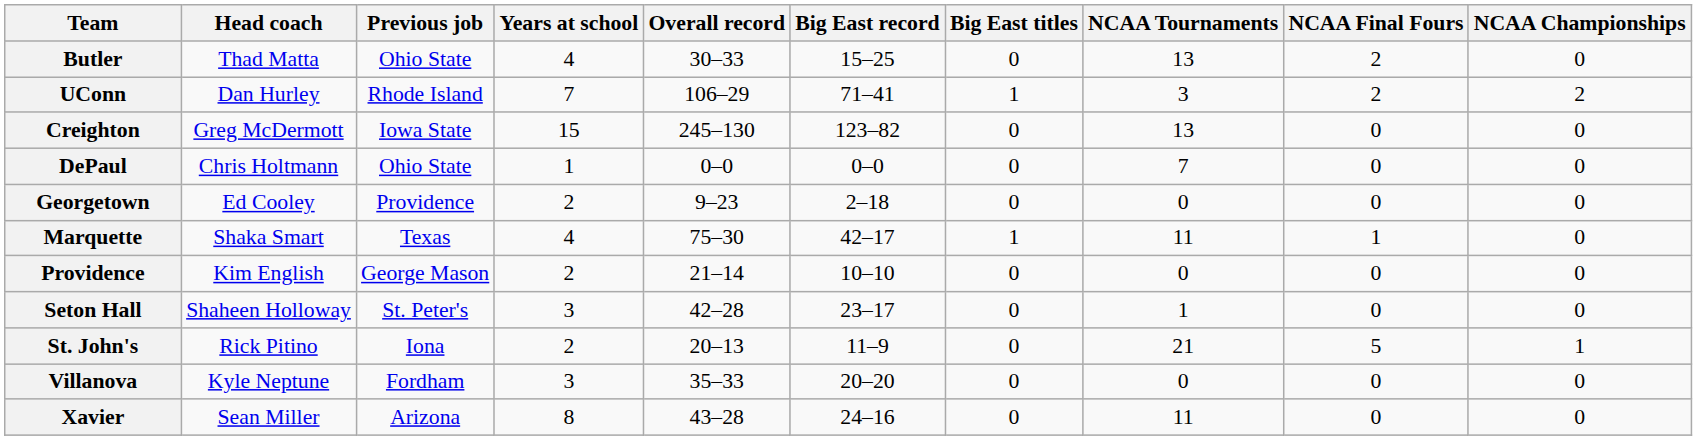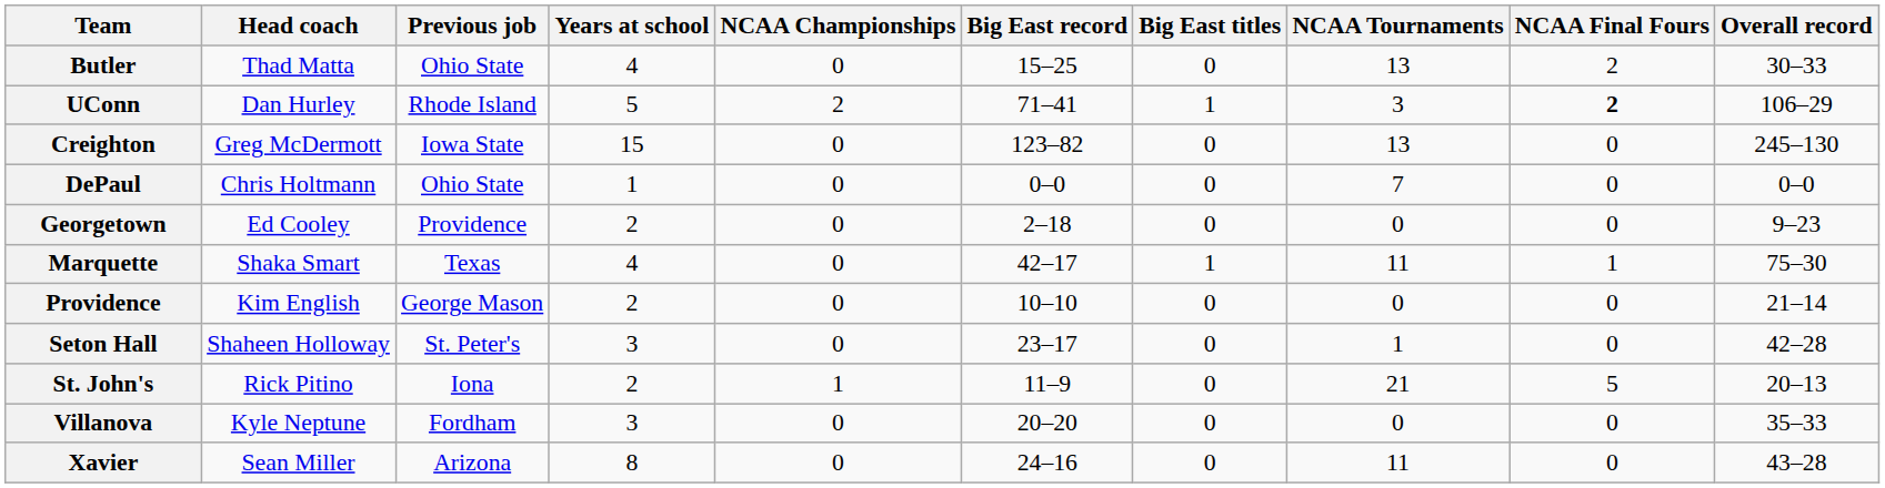 <table class="wikitable sortable" style="text-align: center;font-size:90%;">
 <tr>
 <th width="110">Team</th>
 <th>Head coach</th>
 <th>Previous job</th>
 <th>Years at school</th>
-<th>Overall record</th>
+<th>NCAA Championships</th>
 <th>Big East record</th>
 <th>Big East titles</th>
 <th>NCAA Tournaments</th>
 <th>NCAA Final Fours</th>
-<th>NCAA Championships</th>
+<th>Overall record</th>
 </tr>
 <tr>
 <th>Butler</th>
 <td><a href='#'>Thad Matta</a></td>
 <td><a href='#'>Ohio State</a></td>
 <td>4</td>
-<td>30–33</td>
+<td>0</td>
 <td>15–25</td>
 <td>0</td>
 <td>13</td>
 <td>2</td>
-<td>0</td>
+<td>30–33</td>
 </tr>
 <tr>
 <th>UConn</th>
 <td><a href='#'>Dan Hurley</a></td>
 <td><a href='#'>Rhode Island</a></td>
-<td>7</td>
-<td>106–29</td>
+<td>5</td>
+<td>2</td>
 <td>71–41</td>
 <td>1</td>
 <td>3</td>
-<td>2</td>
-<td>2</td>
+<td><strong>2</strong></td>
+<td>106–29</td>
 </tr>
 <tr>
 <th style=>Creighton</th>
 <td><a href='#'>Greg McDermott</a></td>
 <td><a href='#'>Iowa State</a></td>
 <td>15</td>
-<td>245–130</td>
+<td>0</td>
 <td>123–82</td>
 <td>0</td>
 <td>13</td>
 <td>0</td>
-<td>0</td>
+<td>245–130</td>
 </tr>
 <tr>
 <th style=>DePaul</th>
 <td><a href='#'>Chris Holtmann</a></td>
 <td><a href='#'>Ohio State</a></td>
 <td>1</td>
-<td>0–0</td>
+<td>0</td>
 <td>0–0</td>
 <td>0</td>
 <td>7</td>
 <td>0</td>
-<td>0</td>
+<td>0–0</td>
 </tr>
 <tr>
 <th style=>Georgetown</th>
 <td><a href='#'>Ed Cooley</a></td>
 <td><a href='#'>Providence</a></td>
 <td>2</td>
-<td>9–23</td>
+<td>0</td>
 <td>2–18</td>
 <td>0</td>
 <td>0</td>
 <td>0</td>
-<td>0</td>
+<td>9–23</td>
 </tr>
 <tr>
 <th style=>Marquette</th>
 <td><a href='#'>Shaka Smart</a></td>
 <td><a href='#'>Texas</a></td>
 <td>4</td>
-<td>75–30</td>
+<td>0</td>
 <td>42–17</td>
 <td>1</td>
 <td>11</td>
 <td>1</td>
-<td>0</td>
+<td>75–30</td>
 </tr>
 <tr>
 <th style=>Providence</th>
 <td><a href='#'>Kim English</a></td>
 <td><a href='#'>George Mason</a></td>
 <td>2</td>
-<td>21–14</td>
+<td>0</td>
 <td>10–10</td>
 <td>0</td>
 <td>0</td>
 <td>0</td>
-<td>0</td>
+<td>21–14</td>
 </tr>
 <tr>
 <th style=>Seton Hall</th>
 <td><a href='#'>Shaheen Holloway</a></td>
 <td><a href='#'>St. Peter's</a></td>
 <td>3</td>
-<td>42–28</td>
+<td>0</td>
 <td>23–17</td>
 <td>0</td>
 <td>1</td>
 <td>0</td>
-<td>0</td>
+<td>42–28</td>
 </tr>
 <tr>
 <th>St. John's</th>
 <td><a href='#'>Rick Pitino</a></td>
 <td><a href='#'>Iona</a></td>
 <td>2</td>
-<td>20–13</td>
+<td>1</td>
 <td>11–9</td>
 <td>0</td>
 <td>21</td>
 <td>5</td>
-<td>1</td>
+<td>20–13</td>
 </tr>
 <tr>
 <th>Villanova</th>
 <td><a href='#'>Kyle Neptune</a></td>
 <td><a href='#'>Fordham</a></td>
 <td>3</td>
-<td>35–33</td>
+<td>0</td>
 <td>20–20</td>
 <td>0</td>
 <td>0</td>
 <td>0</td>
-<td>0</td>
+<td>35–33</td>
 </tr>
 <tr>
 <th>Xavier</th>
 <td><a href='#'>Sean Miller</a></td>
 <td><a href='#'>Arizona</a></td>
 <td>8</td>
-<td>43–28</td>
+<td>0</td>
 <td>24–16</td>
 <td>0</td>
 <td>11</td>
 <td>0</td>
-<td>0</td>
+<td>43–28</td>
 </tr>
 </table>
